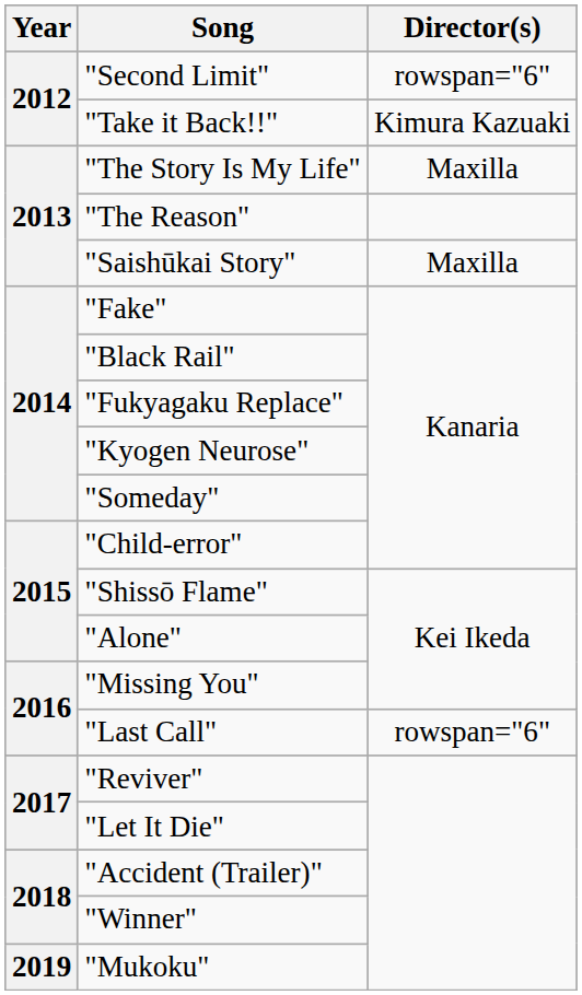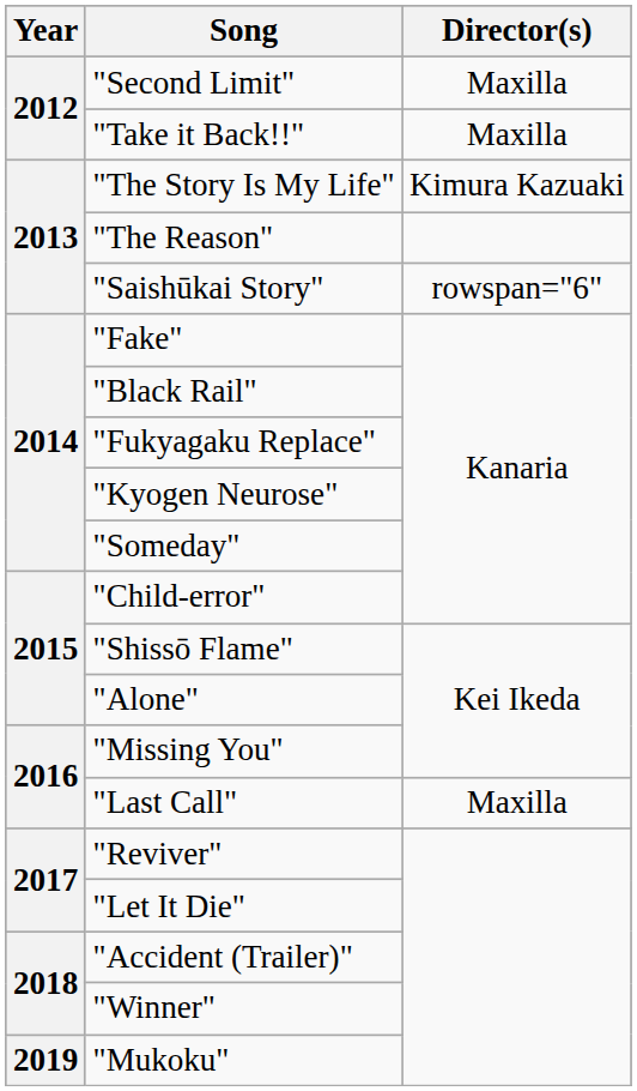 <table class="wikitable plainrowheaders" style="text-align:center;">
 <tr>
 <th>Year</th>
 <th>Song</th>
 <th>Director(s)<br></th>
 </tr>
 <tr>
 <th scope="row" rowspan="2">2012</th>
 <td align="left">"Second Limit"</td>
-<td>rowspan="6" </td>
+<td>Maxilla</td>
 </tr>
 <tr>
 <td align="left">"Take it Back!!"</td>
-<td>Kimura Kazuaki</td>
+<td>Maxilla</td>
 </tr>
 <tr>
 <th scope="row" rowspan="3">2013</th>
 <td align="left">"The Story Is My Life"</td>
-<td>Maxilla</td>
+<td>Kimura Kazuaki</td>
 </tr>
 <tr>
 <td align="left">"The Reason"</td>
 <td></td>
 </tr>
 <tr>
 <td align="left">"Saishūkai Story"<br></td>
-<td>Maxilla</td>
+<td>rowspan="6" </td>
 </tr>
 <tr>
 <th scope="row" rowspan="5">2014</th>
 <td align="left">"Fake"</td>
 <td rowspan="6">Kanaria</td>
 </tr>
 <tr>
 <td align="left">"Black Rail"</td>
 </tr>
 <tr>
 <td align="left">"Fukyagaku Replace"<br></td>
 </tr>
 <tr>
 <td align="left">"Kyogen Neurose"<br></td>
 </tr>
 <tr>
 <td align="left">"Someday"</td>
 </tr>
 <tr>
 <th scope="row" rowspan="3">2015</th>
 <td align="left">"Child-error"</td>
 </tr>
 <tr>
 <td align="left">"Shissō Flame"<br></td>
 <td rowspan="3">Kei Ikeda</td>
 </tr>
 <tr>
 <td align="left">"Alone"</td>
 </tr>
 <tr>
 <th scope="row" rowspan="2">2016</th>
 <td align="left">"Missing You"</td>
 </tr>
 <tr>
 <td align="left">"Last Call"</td>
-<td>rowspan="6" </td>
+<td>Maxilla</td>
 </tr>
 <tr>
 <th scope="row" rowspan="2">2017</th>
 <td align="left">"Reviver"</td>
 </tr>
 <tr>
 <td align="left">"Let It Die"</td>
 </tr>
 <tr>
 <th scope="row" rowspan="2">2018</th>
 <td align="left">"Accident (Trailer)"</td>
 </tr>
 <tr>
 <td align="left">"Winner"</td>
 </tr>
 <tr>
 <th scope="row">2019</th>
 <td align="left">"Mukoku"<br></td>
 </tr>
 </table>
